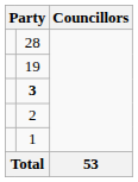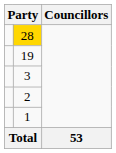 <table class="wikitable">
 <tr>
 <th colspan=2>Party</th>
 <th>Councillors</th>
 </tr>
 <tr>
 <td></td>
-<td align=center>28</td>
+<td align=center style="background: gold;">28</td>
 </tr>
 <tr>
 <td></td>
 <td align=center>19</td>
 </tr>
 <tr>
 <td></td>
-<td align=center><strong>3</strong></td>
+<td align=center>3</td>
 </tr>
 <tr>
 <td></td>
 <td align=center>2</td>
 </tr>
 <tr>
 <td></td>
 <td align=center>1</td>
 </tr>
 <tr>
 <th colspan=2>Total</th>
 <th align=center>53</th>
 </tr>
 </table>
